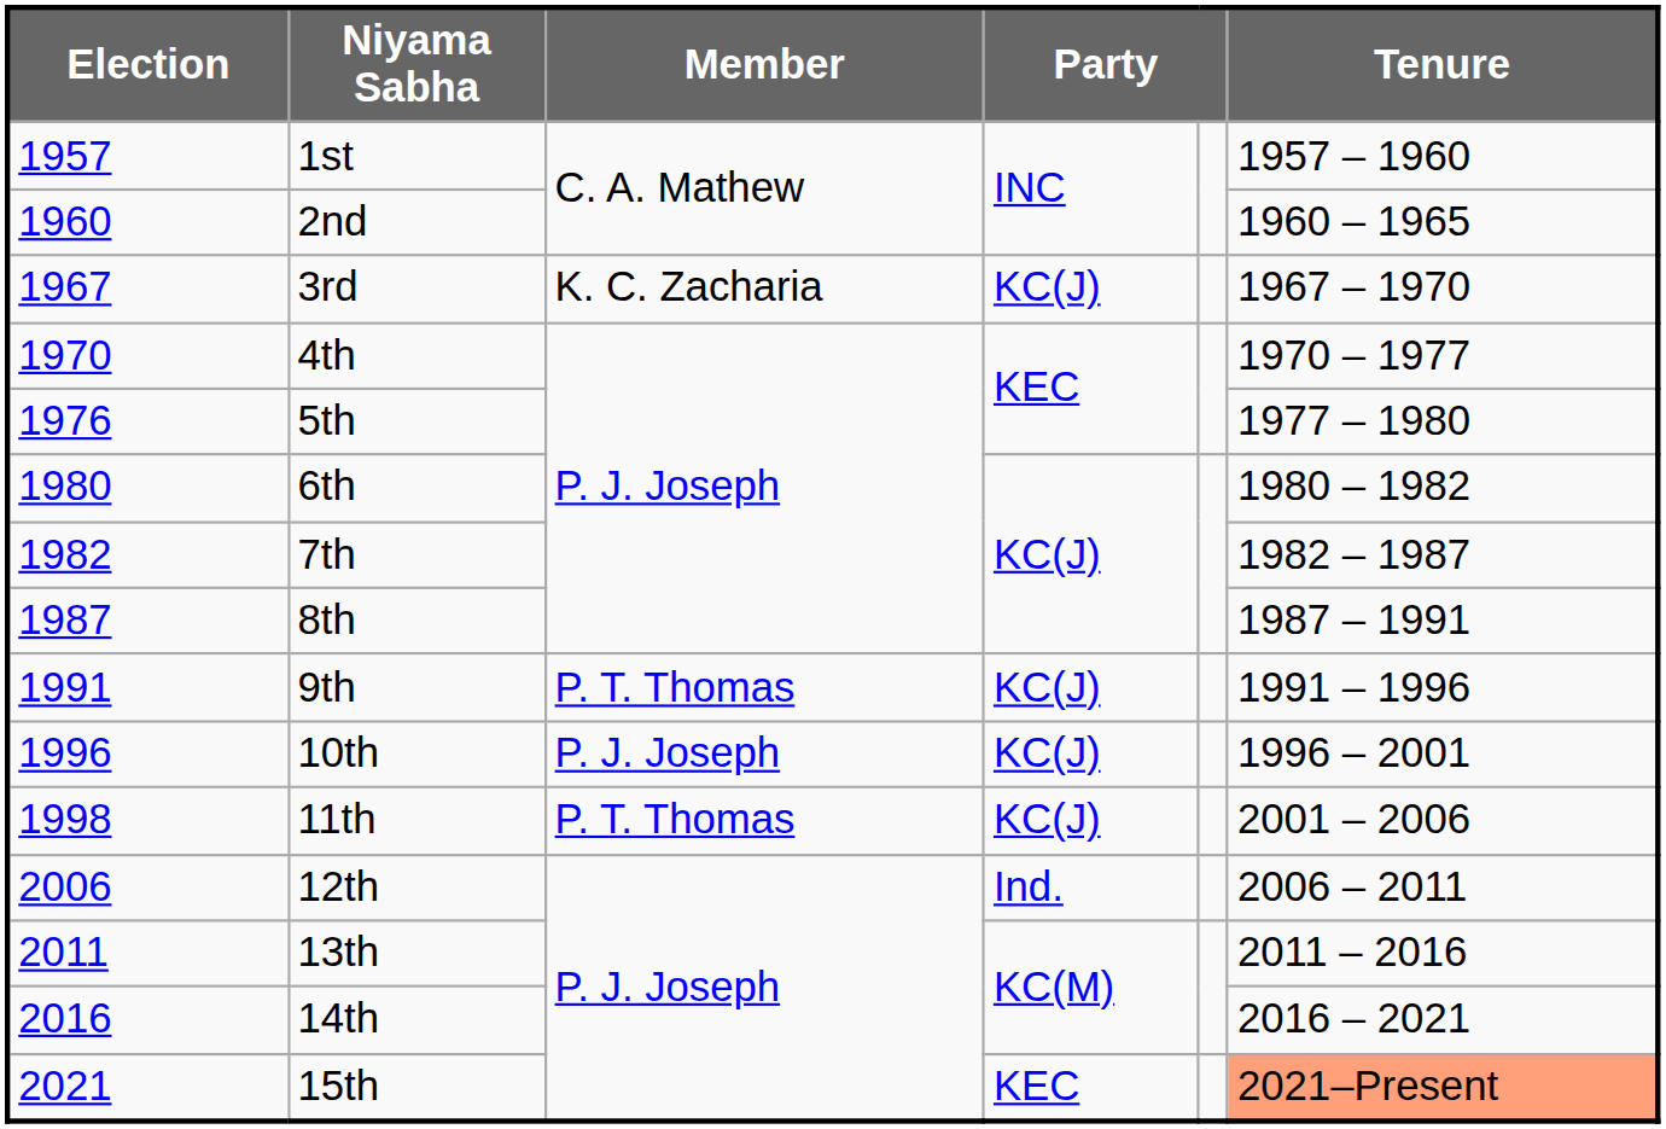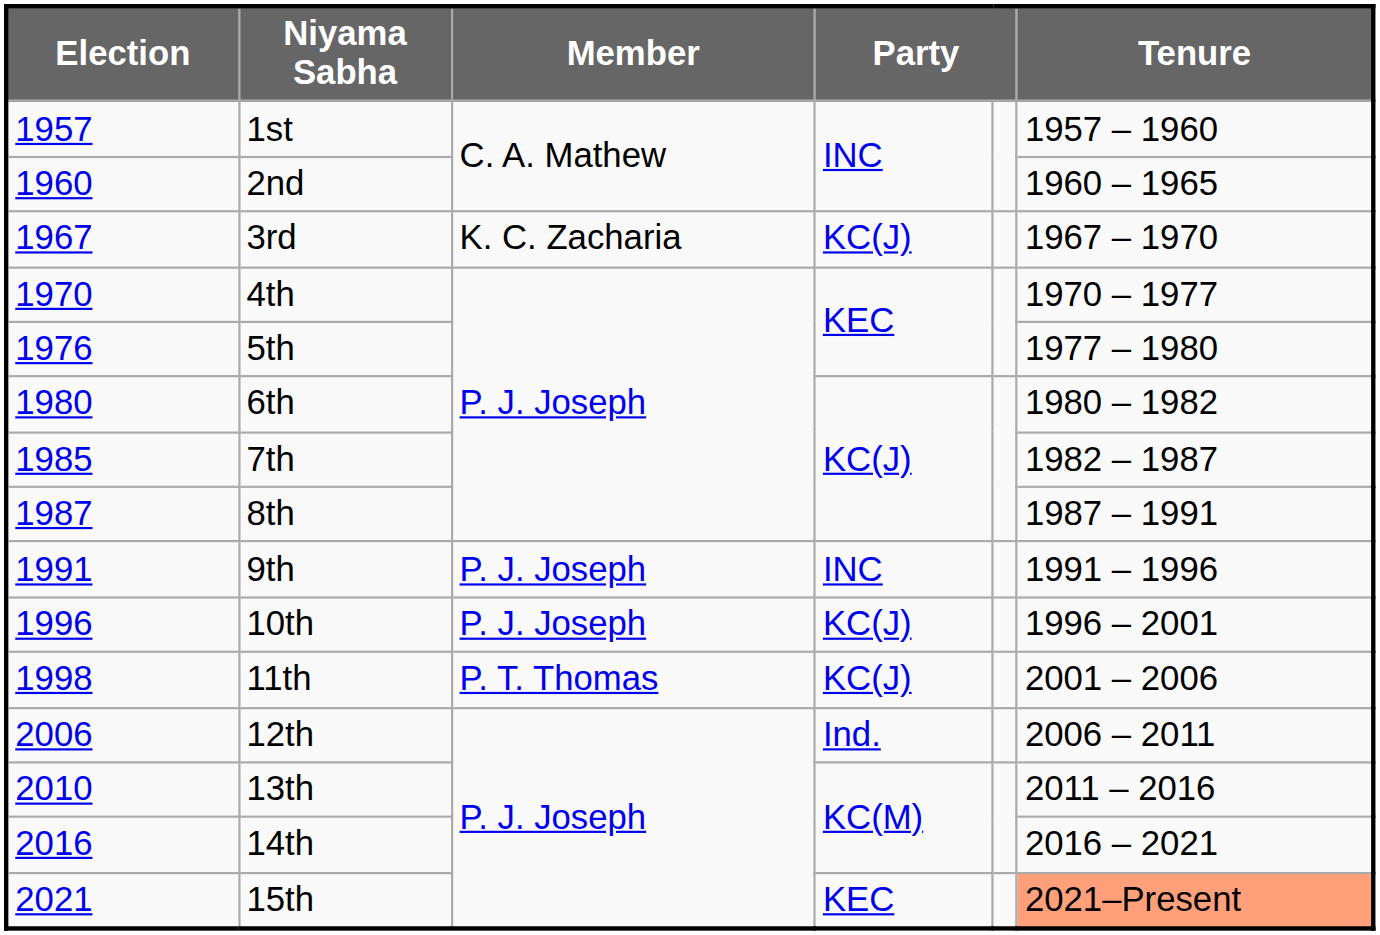 <table class="wikitable sortable" width="50%" style="border: 2px #000000 solid; font-size: x-big;">
 <tr>
 <th style="background-color:#666666; color:white">Election</th>
 <th style="background-color:#666666; color:white">Niyama<br>Sabha</th>
 <th style="background-color:#666666; color:white">Member</th>
 <th colspan="2" style="background-color:#666666; color:white">Party</th>
 <th style="background-color:#666666; color:white">Tenure</th>
 </tr>
 <tr>
 <td><a href='#'>1957</a></td>
 <td>1st</td>
 <td rowspan="2">C. A. Mathew</td>
 <td rowspan="2"><a href='#'>INC</a></td>
 <td rowspan="2" style="background-color: "></td>
 <td>1957 – 1960</td>
 </tr>
 <tr>
 <td><a href='#'>1960</a></td>
 <td>2nd</td>
 <td>1960 – 1965</td>
 </tr>
 <tr>
 <td><a href='#'>1967</a></td>
 <td>3rd</td>
 <td>K. C. Zacharia</td>
 <td><a href='#'>KC(J)</a></td>
 <td style="background-color: "></td>
 <td>1967 – 1970</td>
 </tr>
 <tr>
 <td><a href='#'>1970</a></td>
 <td>4th</td>
 <td rowspan="5"><a href='#'>P. J. Joseph</a></td>
 <td rowspan="2"><a href='#'>KEC</a></td>
 <td rowspan="2" style="background-color: "></td>
 <td>1970 – 1977</td>
 </tr>
 <tr>
 <td><a href='#'>1976</a></td>
 <td>5th</td>
 <td>1977 – 1980</td>
 </tr>
 <tr>
 <td><a href='#'>1980</a></td>
 <td>6th</td>
 <td rowspan="3"><a href='#'>KC(J)</a></td>
 <td rowspan="3" style="background-color: "></td>
 <td>1980 – 1982</td>
 </tr>
 <tr>
-<td><a href='#'>1982</a></td>
+<td><a href='#'>1985</a></td>
 <td>7th</td>
 <td>1982 – 1987</td>
 </tr>
 <tr>
 <td><a href='#'>1987</a></td>
 <td>8th</td>
 <td>1987 – 1991</td>
 </tr>
 <tr>
 <td><a href='#'>1991</a></td>
 <td>9th</td>
-<td><a href='#'>P. T. Thomas</a></td>
-<td><a href='#'>KC(J)</a></td>
+<td><a href='#'>P. J. Joseph</a></td>
+<td><a href='#'>INC</a></td>
 <td style="background-color: "></td>
 <td>1991 – 1996</td>
 </tr>
 <tr>
 <td><a href='#'>1996</a></td>
 <td>10th</td>
 <td><a href='#'>P. J. Joseph</a></td>
 <td><a href='#'>KC(J)</a></td>
 <td style="background-color: "></td>
 <td>1996 – 2001</td>
 </tr>
 <tr>
 <td><a href='#'>1998</a></td>
 <td>11th</td>
 <td><a href='#'>P. T. Thomas</a></td>
 <td><a href='#'>KC(J)</a></td>
 <td style="background-color: "></td>
 <td>2001 – 2006</td>
 </tr>
 <tr>
 <td><a href='#'>2006</a></td>
 <td>12th</td>
 <td rowspan="4"><a href='#'>P. J. Joseph</a></td>
 <td><a href='#'>Ind.</a></td>
 <td style="background-color: "></td>
 <td>2006 – 2011</td>
 </tr>
 <tr>
-<td><a href='#'>2011</a></td>
+<td><a href='#'>2010</a></td>
 <td>13th</td>
 <td rowspan="2"><a href='#'>KC(M)</a></td>
 <td rowspan="2" style="background-color: "></td>
 <td>2011 – 2016</td>
 </tr>
 <tr>
 <td><a href='#'>2016</a></td>
 <td>14th</td>
 <td>2016 – 2021</td>
 </tr>
 <tr>
 <td><a href='#'>2021</a></td>
 <td>15th</td>
 <td rowspan="2"><a href='#'>KEC</a></td>
 <td rowspan="2" style="background-color: "></td>
 <td style="background: lightsalmon;">2021–Present</td>
 </tr>
 <tr>
 </tr>
 </table>
